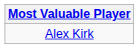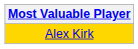 <table class=wikitable style="text-align:center; margin:auto">
 <tr>
 <th><a href='#'>Most Valuable Player</a></th>
 </tr>
 <tr>
-<td> <a href='#'>Alex Kirk</a></td>
+<td style="background: gold;"> <a href='#'>Alex Kirk</a></td>
 </tr>
 </table>
